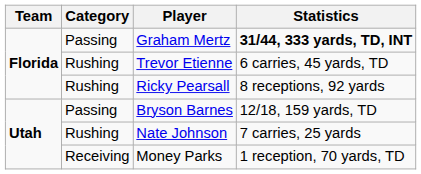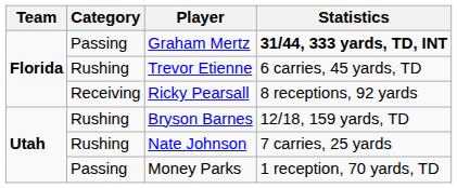 <table class="wikitable" style="float: right;">
 <tr>
 <th>Team</th>
 <th>Category</th>
 <th>Player</th>
 <th>Statistics</th>
 </tr>
 <tr>
 <td rowspan=3><strong>Florida</strong></td>
 <td>Passing</td>
 <td><a href='#'>Graham Mertz</a></td>
 <td><strong>31/44, 333 yards, TD, INT</strong></td>
 </tr>
 <tr>
 <td>Rushing</td>
 <td><a href='#'>Trevor Etienne</a></td>
 <td>6 carries, 45 yards, TD</td>
 </tr>
 <tr>
-<td>Rushing</td>
+<td>Receiving</td>
 <td><a href='#'>Ricky Pearsall</a></td>
 <td>8 receptions, 92 yards</td>
 </tr>
 <tr>
 <td rowspan=3><strong>Utah</strong></td>
-<td>Passing</td>
+<td>Rushing</td>
 <td><a href='#'>Bryson Barnes</a></td>
 <td>12/18, 159 yards, TD</td>
 </tr>
 <tr>
 <td>Rushing</td>
 <td><a href='#'>Nate Johnson</a></td>
 <td>7 carries, 25 yards</td>
 </tr>
 <tr>
-<td>Receiving</td>
+<td>Passing</td>
 <td>Money Parks</td>
 <td>1 reception, 70 yards, TD</td>
 </tr>
 </table>
